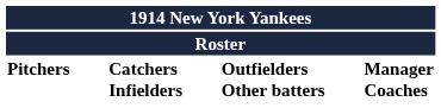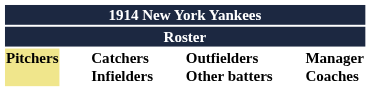 <table class="toccolours" style="font-size: 95%;">
 <tr>
 <th colspan="10" style="background:#1c2841; color:white; text-align:center;">1914 New York Yankees</th>
 </tr>
 <tr>
 <td colspan="10" style="background:#1c2841; color:white; text-align:center;"><strong>Roster</strong></td>
 </tr>
 <tr>
-<td valign="top"><strong>Pitchers</strong><br>         </td>
+<td valign="top" style="background: khaki;"><strong>Pitchers</strong><br>         </td>
 <td style="width:25px;"></td>
 <td valign="top"><strong>Catchers</strong><br>      <strong>Infielders</strong>         </td>
 <td style="width:25px;"></td>
 <td valign="top"><strong>Outfielders</strong><br>         <strong>Other batters</strong> </td>
 <td style="width:25px;"></td>
 <td valign="top"><strong>Manager</strong><br>  <strong>Coaches</strong> </td>
 </tr>
 </table>
